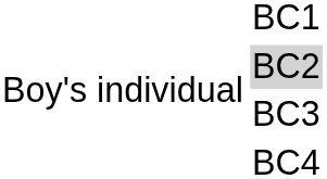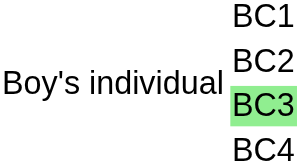 <table>
 <tr>
 <td rowspan=4>Boy's individual</td>
 <td>BC1</td>
 <td></td>
 <td></td>
 <td></td>
 </tr>
 <tr>
-<td style="background: lightgrey;">BC2</td>
+<td>BC2</td>
 <td></td>
 <td></td>
 <td></td>
 </tr>
 <tr>
-<td>BC3</td>
+<td style="background: lightgreen;">BC3</td>
 <td></td>
 <td></td>
 <td></td>
 </tr>
 <tr>
 <td>BC4</td>
 <td></td>
 <td></td>
 <td></td>
 </tr>
 </table>
